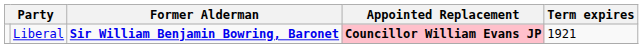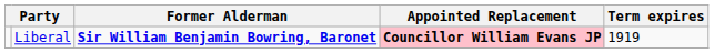 <table class="wikitable">
 <tr>
 <th colspan="2">Party</th>
 <th>Former Alderman</th>
 <th>Appointed Replacement</th>
 <th>Term expires</th>
 </tr>
 <tr>
 <td style="background-color:"></td>
 <td><a href='#'>Liberal</a></td>
 <td><strong><a href='#'>Sir William Benjamin Bowring, Baronet</a></strong></td>
 <td style="background: pink;"><strong>Councillor William Evans JP</strong></td>
-<td>1921</td>
+<td>1919</td>
 </tr>
 <tr>
 </tr>
 </table>
